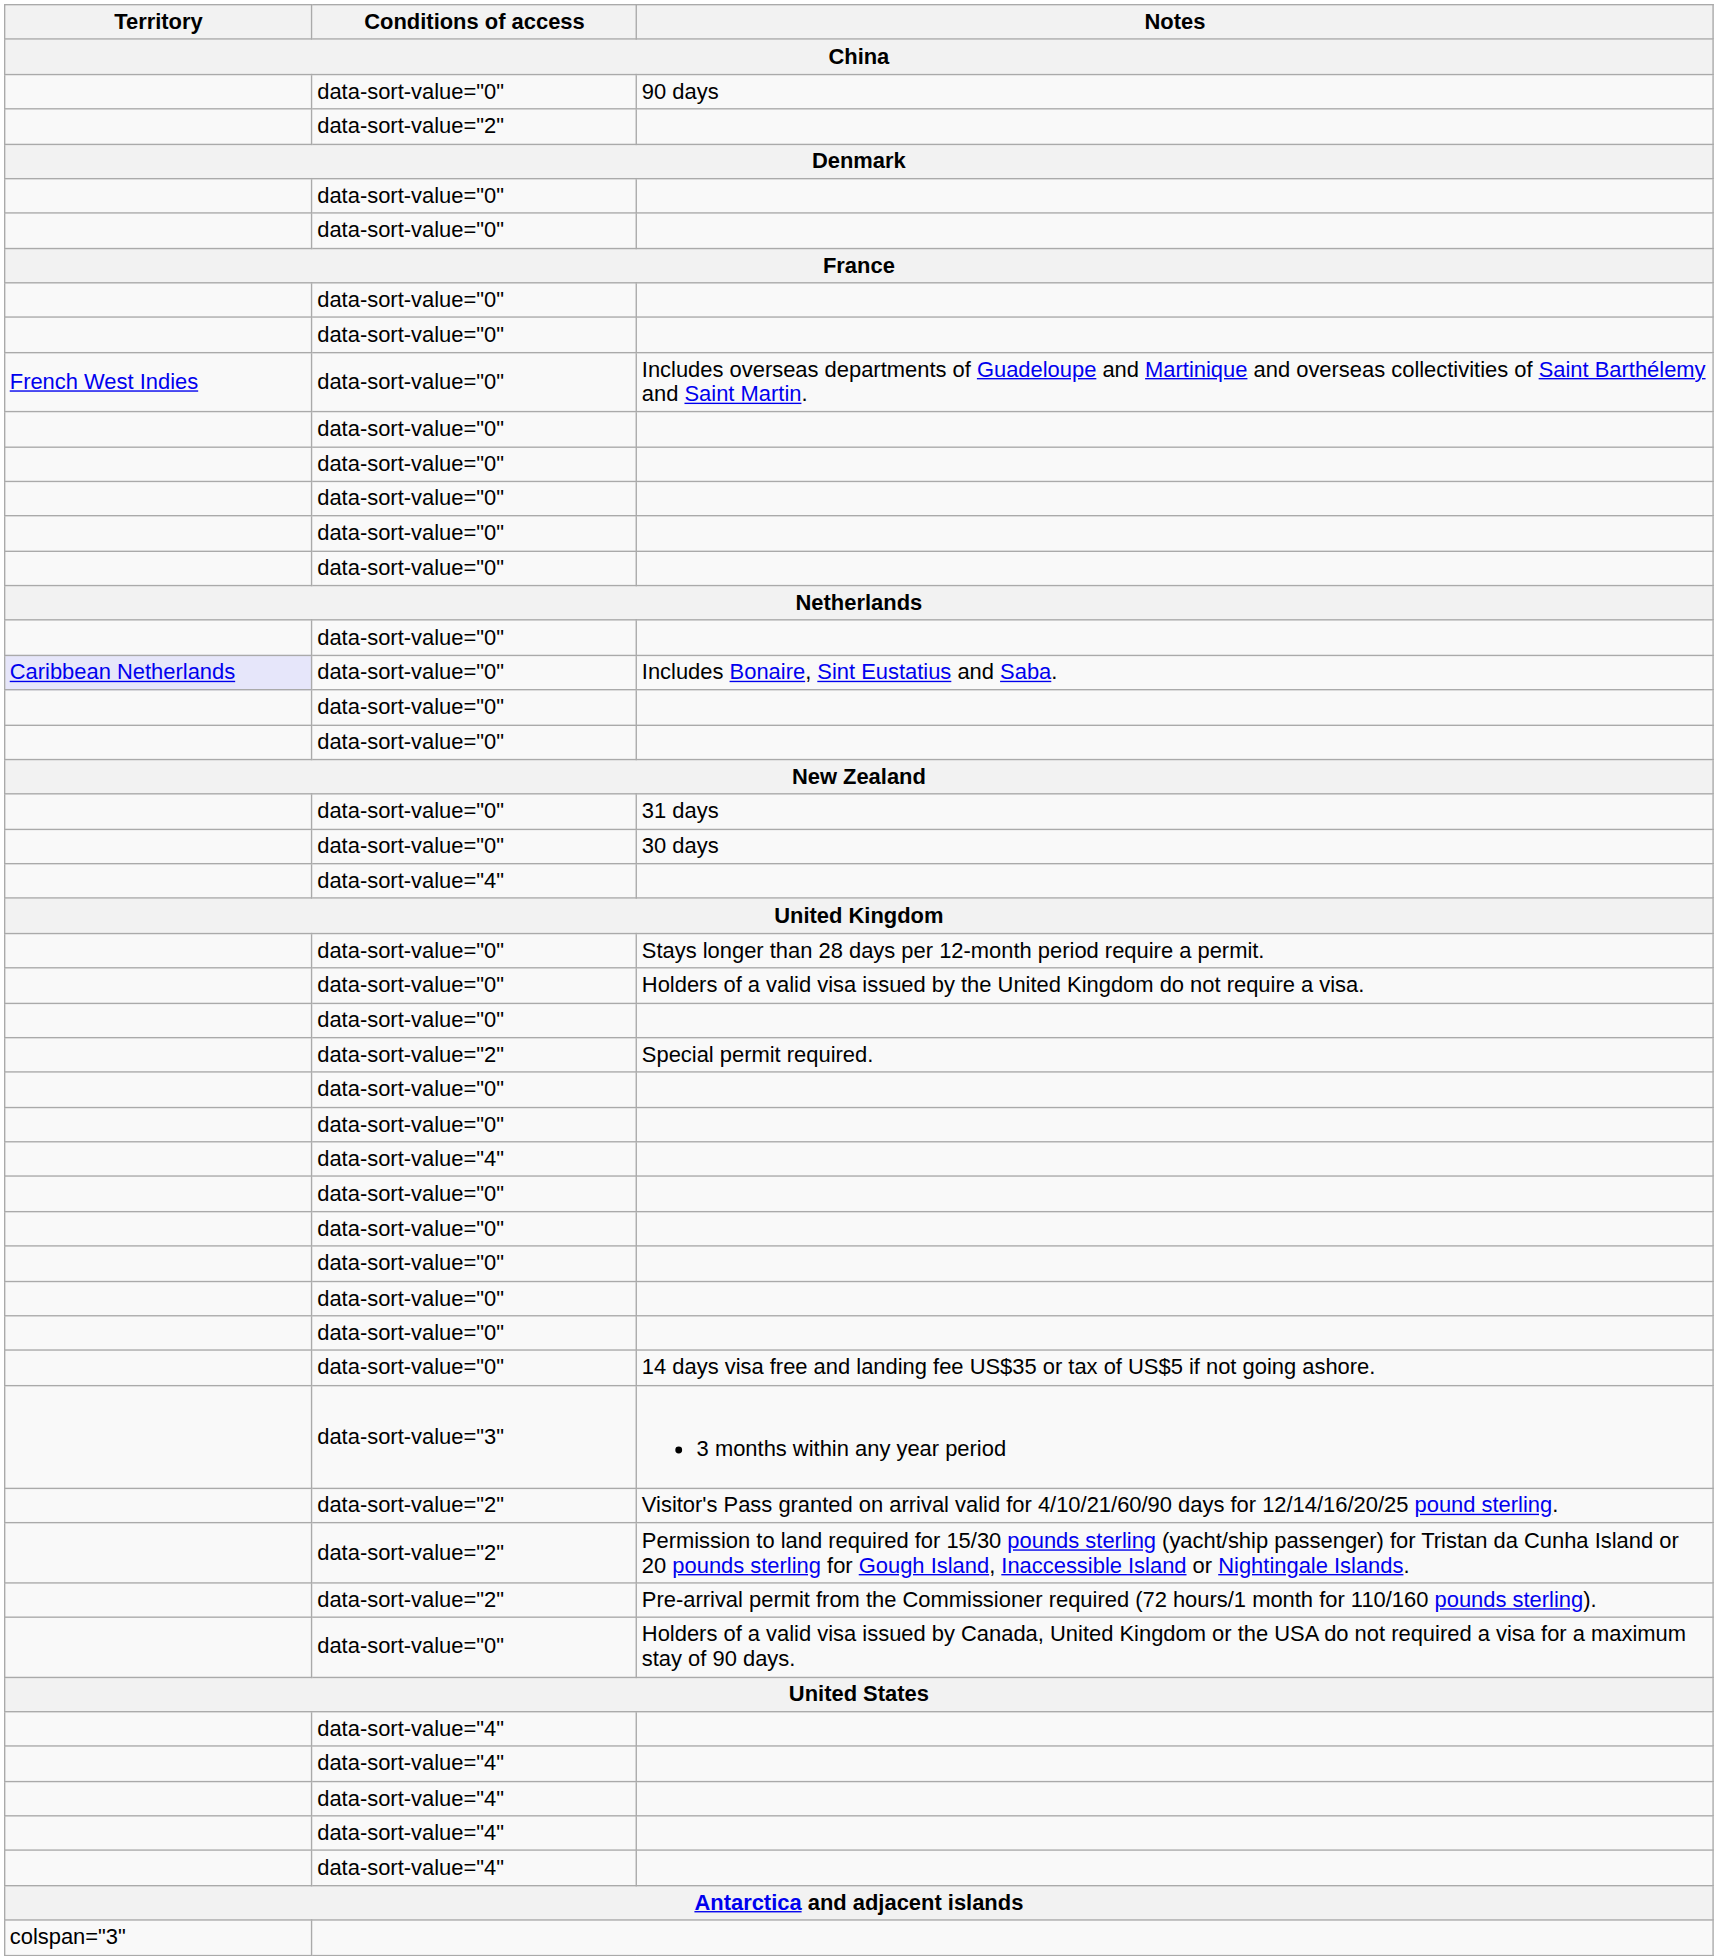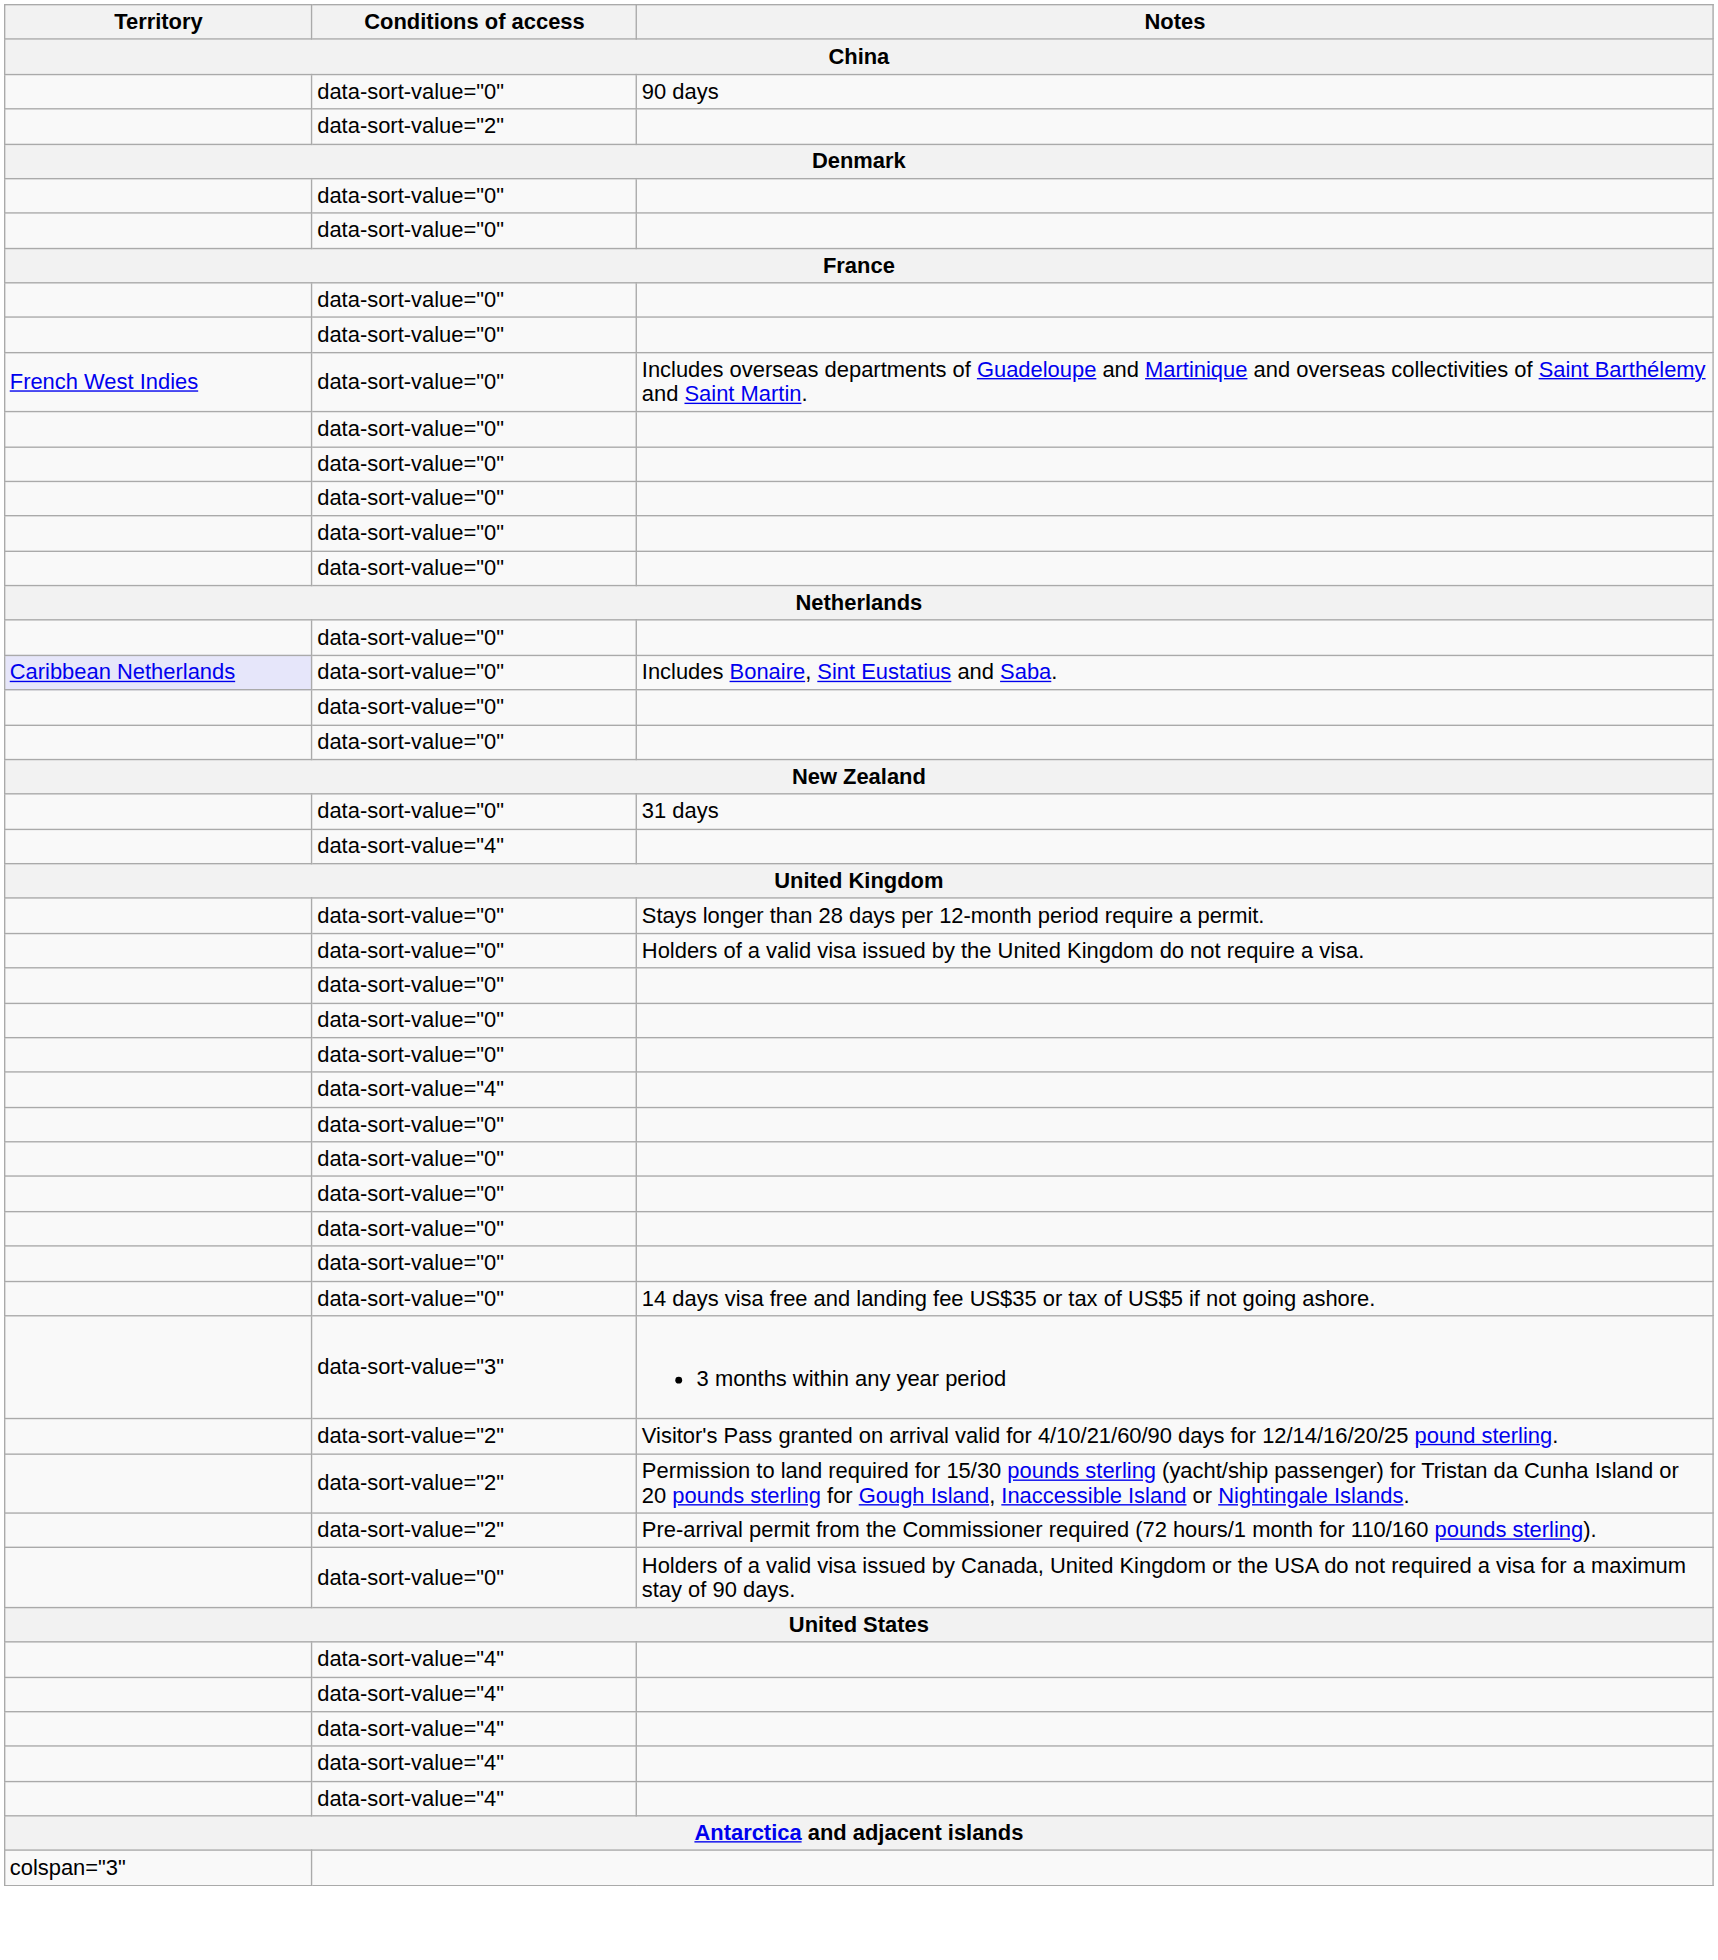 <table class="wikitable" style="text-align: left; table-layout: fixed;">
 <tr>
 <th style="width:18%;">Territory</th>
 <th style="width:19%;">Conditions of access</th>
 <th>Notes</th>
 </tr>
 <tr>
 <th colspan="3">China</th>
 </tr>
 <tr>
 <td></td>
 <td>data-sort-value="0" </td>
 <td>90 days</td>
 </tr>
 <tr>
 <td></td>
 <td>data-sort-value="2" </td>
 <td></td>
 </tr>
 <tr>
 <th colspan="3">Denmark</th>
 </tr>
 <tr>
 <td></td>
 <td>data-sort-value="0" </td>
 <td></td>
 </tr>
 <tr>
 <td></td>
 <td>data-sort-value="0" </td>
 <td></td>
 </tr>
 <tr>
 <th colspan="3">France</th>
 </tr>
 <tr>
 <td></td>
 <td>data-sort-value="0" </td>
 <td></td>
 </tr>
 <tr>
 <td></td>
 <td>data-sort-value="0" </td>
 <td></td>
 </tr>
 <tr>
 <td> <a href='#'>French West Indies</a></td>
 <td>data-sort-value="0" </td>
 <td>Includes overseas departments of <a href='#'>Guadeloupe</a> and <a href='#'>Martinique</a> and overseas collectivities of <a href='#'>Saint Barthélemy</a> and <a href='#'>Saint Martin</a>.</td>
 </tr>
 <tr>
 <td></td>
 <td>data-sort-value="0" </td>
 <td></td>
 </tr>
 <tr>
 <td></td>
 <td>data-sort-value="0" </td>
 <td></td>
 </tr>
 <tr>
 <td></td>
 <td>data-sort-value="0" </td>
 <td></td>
 </tr>
 <tr>
 <td></td>
 <td>data-sort-value="0" </td>
 <td></td>
 </tr>
 <tr>
 <td></td>
 <td>data-sort-value="0" </td>
 <td></td>
 </tr>
 <tr>
 <th colspan="3">Netherlands</th>
 </tr>
 <tr>
 <td></td>
 <td>data-sort-value="0" </td>
 <td></td>
 </tr>
 <tr>
 <td style="background: lavender;"> <a href='#'>Caribbean Netherlands</a></td>
 <td>data-sort-value="0" </td>
 <td>Includes <a href='#'>Bonaire</a>, <a href='#'>Sint Eustatius</a> and <a href='#'>Saba</a>.</td>
 </tr>
 <tr>
 <td></td>
 <td>data-sort-value="0" </td>
 <td></td>
 </tr>
 <tr>
 <td></td>
 <td>data-sort-value="0" </td>
 <td></td>
 </tr>
 <tr>
 <th colspan="3">New Zealand</th>
 </tr>
 <tr>
 <td></td>
 <td>data-sort-value="0" </td>
 <td>31 days</td>
 </tr>
 <tr>
 <td></td>
-<td>data-sort-value="0" </td>
-<td>30 days</td>
-</tr>
-<tr>
-<td></td>
 <td>data-sort-value="4" </td>
 <td></td>
 </tr>
 <tr>
 <th colspan="3">United Kingdom</th>
 </tr>
 <tr>
 <td></td>
 <td>data-sort-value="0" </td>
 <td>Stays longer than 28 days per 12-month period require a permit.</td>
 </tr>
 <tr>
 <td></td>
 <td>data-sort-value="0" </td>
 <td>Holders of a valid visa issued by the United Kingdom do not require a visa.</td>
 </tr>
 <tr>
 <td></td>
 <td>data-sort-value="0" </td>
 <td></td>
-</tr>
-<tr>
-<td></td>
-<td>data-sort-value="2" </td>
-<td>Special permit required.</td>
 </tr>
 <tr>
 <td></td>
 <td>data-sort-value="0" </td>
 <td></td>
 </tr>
 <tr>
 <td></td>
 <td>data-sort-value="0" </td>
 <td></td>
 </tr>
 <tr>
 <td></td>
 <td>data-sort-value="4" </td>
 <td></td>
 </tr>
 <tr>
 <td></td>
 <td>data-sort-value="0" </td>
 <td></td>
 </tr>
 <tr>
 <td></td>
 <td>data-sort-value="0" </td>
 <td></td>
 </tr>
 <tr>
 <td></td>
 <td>data-sort-value="0" </td>
 <td></td>
 </tr>
 <tr>
 <td></td>
 <td>data-sort-value="0" </td>
 <td></td>
 </tr>
 <tr>
 <td></td>
 <td>data-sort-value="0" </td>
 <td></td>
 </tr>
 <tr>
 <td></td>
 <td>data-sort-value="0" </td>
 <td>14 days visa free and landing fee US$35 or tax of US$5 if not going ashore.</td>
 </tr>
 <tr>
 <td></td>
 <td>data-sort-value="3" </td>
 <td><br><ul><li>3 months within any year period</li></ul></td>
 </tr>
 <tr>
 <td></td>
 <td>data-sort-value="2" </td>
 <td>Visitor's Pass granted on arrival valid for 4/10/21/60/90 days for 12/14/16/20/25 <a href='#'>pound sterling</a>.</td>
 </tr>
 <tr>
 <td></td>
 <td>data-sort-value="2" </td>
 <td>Permission to land required for 15/30 <a href='#'>pounds sterling</a> (yacht/ship passenger) for Tristan da Cunha Island or 20 <a href='#'>pounds sterling</a> for <a href='#'>Gough Island</a>, <a href='#'>Inaccessible Island</a> or <a href='#'>Nightingale Islands</a>.</td>
 </tr>
 <tr>
 <td></td>
 <td>data-sort-value="2" </td>
 <td>Pre-arrival permit from the Commissioner required (72 hours/1 month for 110/160 <a href='#'>pounds sterling</a>).</td>
 </tr>
 <tr>
 <td></td>
 <td>data-sort-value="0" </td>
 <td>Holders of a valid visa issued by Canada, United Kingdom or the USA do not required a visa for a maximum stay of 90 days.</td>
 </tr>
 <tr>
 <th colspan="3">United States</th>
 </tr>
 <tr>
 <td></td>
 <td>data-sort-value="4" </td>
 <td></td>
 </tr>
 <tr>
 <td></td>
 <td>data-sort-value="4" </td>
 <td></td>
 </tr>
 <tr>
 <td></td>
 <td>data-sort-value="4" </td>
 <td></td>
 </tr>
 <tr>
 <td></td>
 <td>data-sort-value="4" </td>
 <td></td>
 </tr>
 <tr>
 <td></td>
 <td>data-sort-value="4" </td>
 <td></td>
 </tr>
 <tr>
 <th colspan="3"><a href='#'>Antarctica</a> and adjacent islands</th>
 </tr>
 <tr>
 <td>colspan="3" </td>
 </tr>
 </table>
